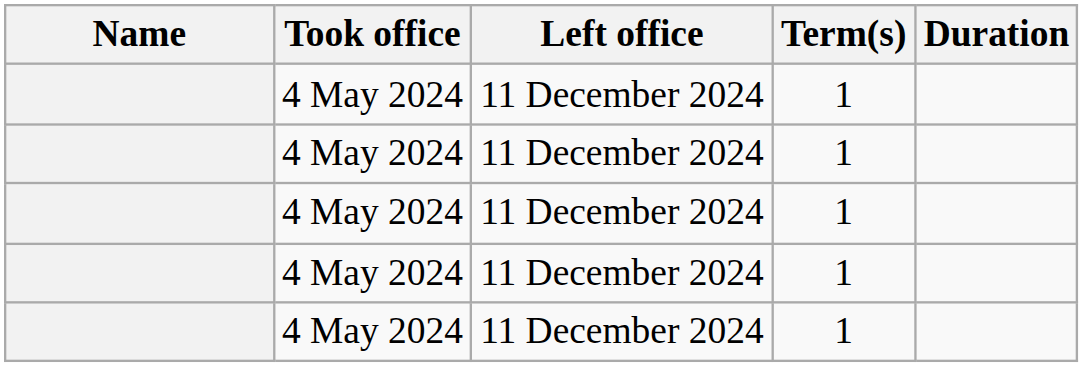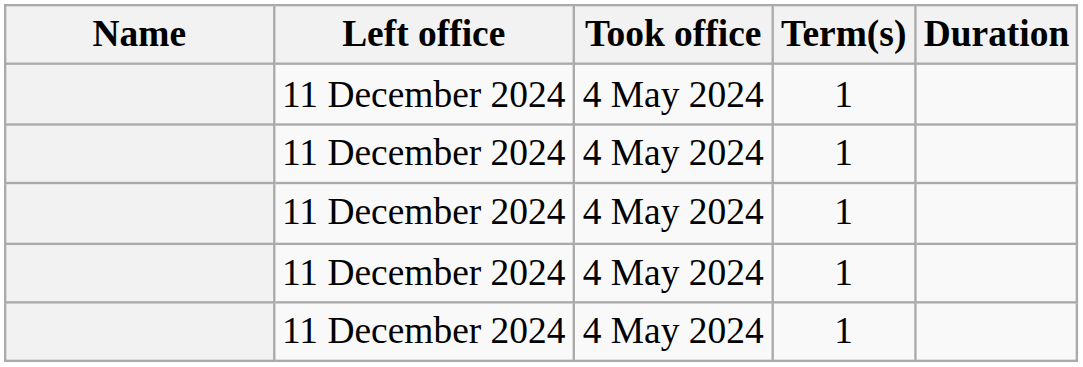 <table class="wikitable plainrowheaders sortable" style="text-align:center;" border="1">
 <tr>
 <th width=25%>Name</th>
+<th scope="col">Left office</th>
 <th scope="col">Took office</th>
-<th scope="col">Left office</th>
 <th scope="col">Term(s)</th>
 <th scope="col">Duration</th>
 </tr>
 <tr>
 <th scope="row"></th>
+<td>11 December 2024</td>
 <td>4 May 2024</td>
-<td>11 December 2024</td>
 <td>1</td>
 <td></td>
 </tr>
 <tr>
 <th scope="row"></th>
+<td>11 December 2024</td>
 <td>4 May 2024</td>
-<td>11 December 2024</td>
 <td>1</td>
 <td></td>
 </tr>
 <tr>
 <th scope="row"></th>
+<td>11 December 2024</td>
 <td>4 May 2024</td>
-<td>11 December 2024</td>
 <td>1</td>
 <td></td>
 </tr>
 <tr>
 <th scope="row"></th>
+<td>11 December 2024</td>
 <td>4 May 2024</td>
-<td>11 December 2024</td>
 <td>1</td>
 <td></td>
 </tr>
 <tr>
 <th scope="row"></th>
+<td>11 December 2024</td>
 <td>4 May 2024</td>
-<td>11 December 2024</td>
 <td>1</td>
 <td></td>
 </tr>
 </table>
